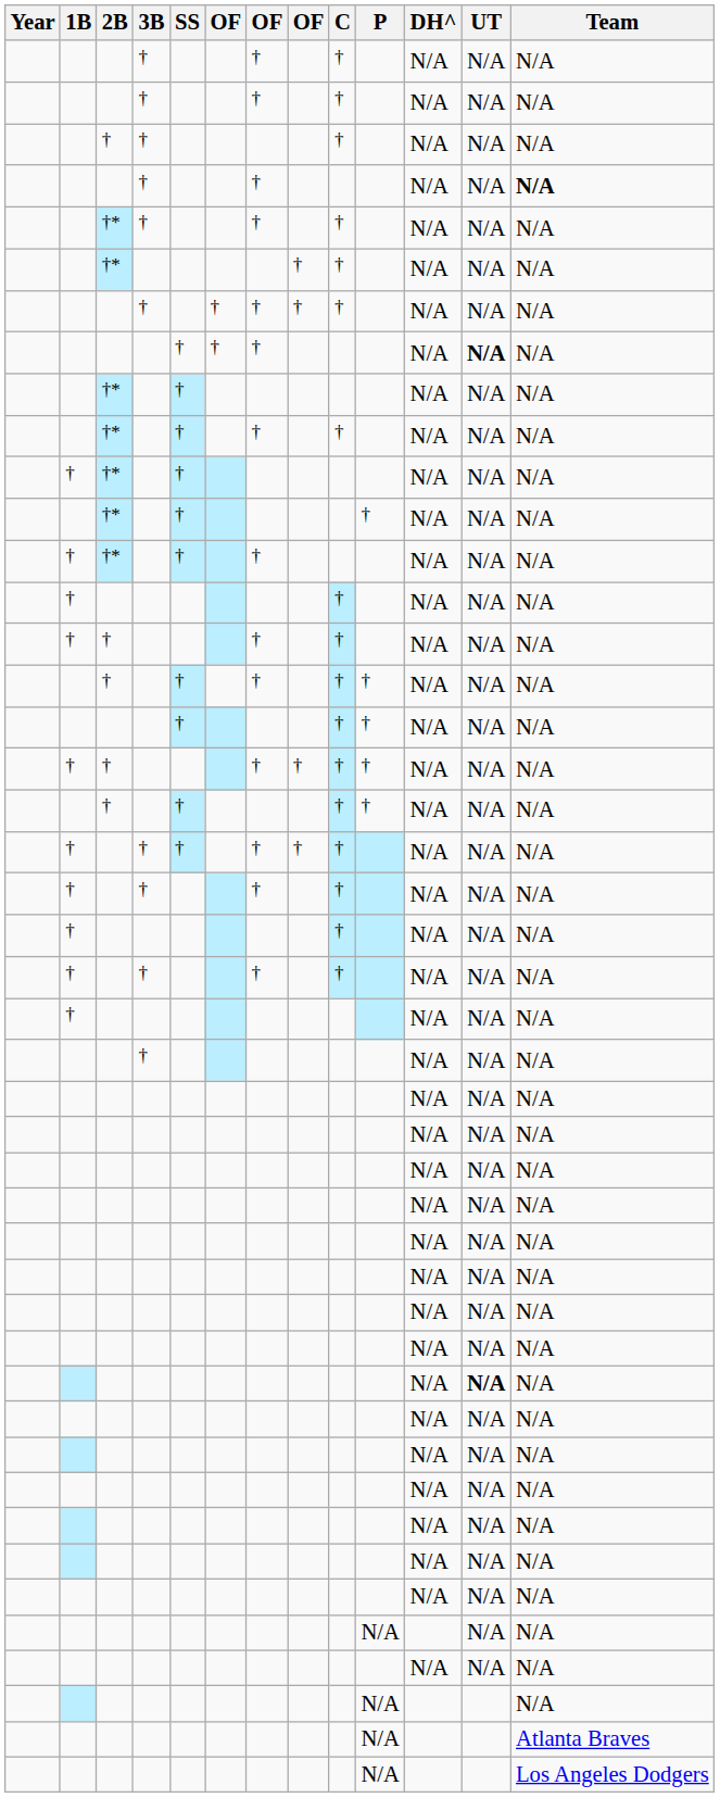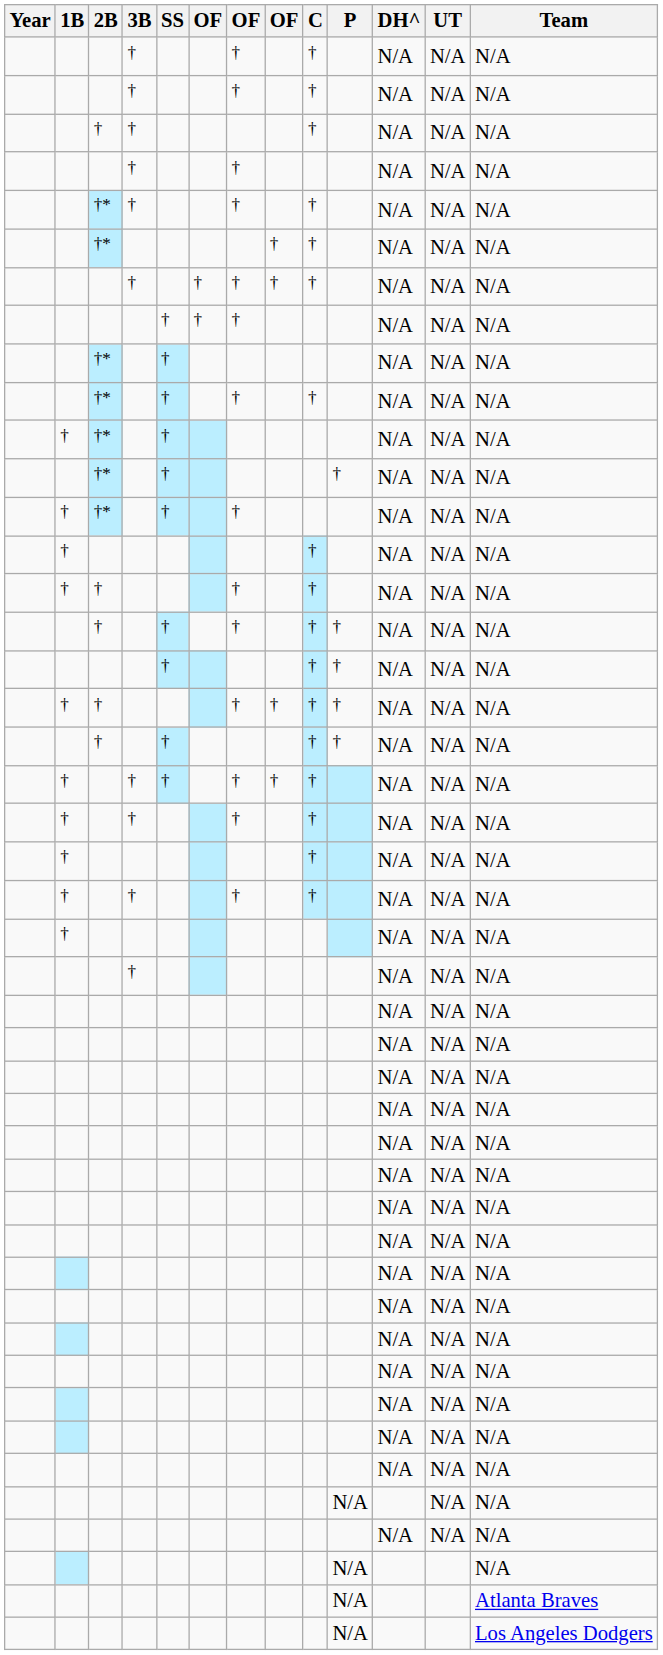 <table class="wikitable sortable">
 <tr>
 <th>Year</th>
 <th>1B</th>
 <th>2B</th>
 <th>3B</th>
 <th>SS</th>
 <th>OF</th>
 <th>OF</th>
 <th>OF</th>
 <th>C</th>
 <th>P</th>
 <th>DH^</th>
 <th>UT</th>
 <th>Team</th>
 </tr>
 <tr>
 <td></td>
 <td></td>
 <td></td>
 <td><sup>†</sup></td>
 <td></td>
 <td></td>
 <td><sup>†</sup></td>
 <td></td>
 <td><sup>†</sup></td>
 <td></td>
 <td>N/A</td>
 <td>N/A</td>
 <td>N/A</td>
 </tr>
 <tr>
 <td></td>
 <td></td>
 <td></td>
 <td><sup>†</sup></td>
 <td></td>
 <td></td>
 <td><sup>†</sup></td>
 <td></td>
 <td><sup>†</sup></td>
 <td></td>
 <td>N/A</td>
 <td>N/A</td>
 <td>N/A</td>
 </tr>
 <tr>
 <td></td>
 <td></td>
 <td><sup>†</sup></td>
 <td><sup>†</sup></td>
 <td></td>
 <td></td>
 <td></td>
 <td></td>
 <td><sup>†</sup></td>
 <td></td>
 <td>N/A</td>
 <td>N/A</td>
 <td>N/A</td>
 </tr>
 <tr>
 <td></td>
 <td></td>
 <td></td>
 <td><sup>†</sup></td>
 <td></td>
 <td></td>
 <td><sup>†</sup></td>
 <td></td>
 <td></td>
 <td></td>
 <td>N/A</td>
 <td>N/A</td>
-<td><strong>N/A</strong></td>
+<td>N/A</td>
 </tr>
 <tr>
 <td></td>
 <td></td>
 <td bgcolor=#bbeeff><sup>†*</sup></td>
 <td><sup>†</sup></td>
 <td></td>
 <td></td>
 <td><sup>†</sup></td>
 <td></td>
 <td><sup>†</sup></td>
 <td></td>
 <td>N/A</td>
 <td>N/A</td>
 <td>N/A</td>
 </tr>
 <tr>
 <td></td>
 <td></td>
 <td bgcolor=#bbeeff><sup>†*</sup></td>
 <td></td>
 <td></td>
 <td></td>
 <td></td>
 <td><sup>†</sup></td>
 <td><sup>†</sup></td>
 <td></td>
 <td>N/A</td>
 <td>N/A</td>
 <td>N/A</td>
 </tr>
 <tr>
 <td></td>
 <td></td>
 <td></td>
 <td><sup>†</sup></td>
 <td></td>
 <td><sup>†</sup></td>
 <td><sup>†</sup></td>
 <td><sup>†</sup></td>
 <td><sup>†</sup></td>
 <td></td>
 <td>N/A</td>
 <td>N/A</td>
 <td>N/A</td>
 </tr>
 <tr>
 <td></td>
 <td></td>
 <td></td>
 <td></td>
 <td><sup>†</sup></td>
 <td><sup>†</sup></td>
 <td><sup>†</sup></td>
 <td></td>
 <td></td>
 <td></td>
 <td>N/A</td>
-<td><strong>N/A</strong></td>
+<td>N/A</td>
 <td>N/A</td>
 </tr>
 <tr>
 <td></td>
 <td></td>
 <td bgcolor=#bbeeff><sup>†*</sup></td>
 <td></td>
 <td bgcolor=#bbeeff><sup>†</sup></td>
 <td></td>
 <td></td>
 <td></td>
 <td></td>
 <td></td>
 <td>N/A</td>
 <td>N/A</td>
 <td>N/A</td>
 </tr>
 <tr>
 <td></td>
 <td></td>
 <td bgcolor=#bbeeff><sup>†*</sup></td>
 <td></td>
 <td bgcolor=#bbeeff><sup>†</sup></td>
 <td></td>
 <td><sup>†</sup></td>
 <td></td>
 <td><sup>†</sup></td>
 <td></td>
 <td>N/A</td>
 <td>N/A</td>
 <td>N/A</td>
 </tr>
 <tr>
 <td></td>
 <td><sup>†</sup></td>
 <td bgcolor=#bbeeff><sup>†*</sup></td>
 <td></td>
 <td bgcolor=#bbeeff><sup>†</sup></td>
 <td bgcolor=#bbeeff></td>
 <td></td>
 <td></td>
 <td></td>
 <td></td>
 <td>N/A</td>
 <td>N/A</td>
 <td>N/A</td>
 </tr>
 <tr>
 <td></td>
 <td></td>
 <td bgcolor=#bbeeff><sup>†*</sup></td>
 <td></td>
 <td bgcolor=#bbeeff><sup>†</sup></td>
 <td bgcolor=#bbeeff></td>
 <td></td>
 <td></td>
 <td></td>
 <td><sup>†</sup></td>
 <td>N/A</td>
 <td>N/A</td>
 <td>N/A</td>
 </tr>
 <tr>
 <td></td>
 <td><sup>†</sup></td>
 <td bgcolor=#bbeeff><sup>†*</sup></td>
 <td></td>
 <td bgcolor=#bbeeff><sup>†</sup></td>
 <td bgcolor=#bbeeff></td>
 <td><sup>†</sup></td>
 <td></td>
 <td></td>
 <td></td>
 <td>N/A</td>
 <td>N/A</td>
 <td>N/A</td>
 </tr>
 <tr>
 <td></td>
 <td><sup>†</sup></td>
 <td></td>
 <td></td>
 <td></td>
 <td bgcolor=#bbeeff></td>
 <td></td>
 <td></td>
 <td bgcolor=#bbeeff><sup>†</sup></td>
 <td></td>
 <td>N/A</td>
 <td>N/A</td>
 <td>N/A</td>
 </tr>
 <tr>
 <td></td>
 <td><sup>†</sup></td>
 <td><sup>†</sup></td>
 <td></td>
 <td></td>
 <td bgcolor=#bbeeff></td>
 <td><sup>†</sup></td>
 <td></td>
 <td bgcolor=#bbeeff><sup>†</sup></td>
 <td></td>
 <td>N/A</td>
 <td>N/A</td>
 <td>N/A</td>
 </tr>
 <tr>
 <td></td>
 <td></td>
 <td><sup>†</sup></td>
 <td></td>
 <td bgcolor=#bbeeff><sup>†</sup></td>
 <td></td>
 <td><sup>†</sup></td>
 <td></td>
 <td bgcolor=#bbeeff><sup>†</sup></td>
 <td><sup>†</sup></td>
 <td>N/A</td>
 <td>N/A</td>
 <td>N/A</td>
 </tr>
 <tr>
 <td></td>
 <td></td>
 <td></td>
 <td></td>
 <td bgcolor=#bbeeff><sup>†</sup></td>
 <td bgcolor=#bbeeff></td>
 <td></td>
 <td></td>
 <td bgcolor=#bbeeff><sup>†</sup></td>
 <td><sup>†</sup></td>
 <td>N/A</td>
 <td>N/A</td>
 <td>N/A</td>
 </tr>
 <tr>
 <td></td>
 <td><sup>†</sup></td>
 <td><sup>†</sup></td>
 <td></td>
 <td></td>
 <td bgcolor=#bbeeff></td>
 <td><sup>†</sup></td>
 <td><sup>†</sup></td>
 <td bgcolor=#bbeeff><sup>†</sup></td>
 <td><sup>†</sup></td>
 <td>N/A</td>
 <td>N/A</td>
 <td>N/A</td>
 </tr>
 <tr>
 <td></td>
 <td></td>
 <td><sup>†</sup></td>
 <td></td>
 <td bgcolor=#bbeeff><sup>†</sup></td>
 <td></td>
 <td></td>
 <td></td>
 <td bgcolor=#bbeeff><sup>†</sup></td>
 <td><sup>†</sup></td>
 <td>N/A</td>
 <td>N/A</td>
 <td>N/A</td>
 </tr>
 <tr>
 <td></td>
 <td><sup>†</sup></td>
 <td></td>
 <td><sup>†</sup></td>
 <td bgcolor=#bbeeff><sup>†</sup></td>
 <td></td>
 <td><sup>†</sup></td>
 <td> <sup>†</sup></td>
 <td bgcolor=#bbeeff><sup>†</sup></td>
 <td bgcolor=#bbeeff></td>
 <td>N/A</td>
 <td>N/A</td>
 <td>N/A</td>
 </tr>
 <tr>
 <td></td>
 <td><sup>†</sup></td>
 <td></td>
 <td><sup>†</sup></td>
 <td></td>
 <td bgcolor=#bbeeff></td>
 <td><sup>†</sup></td>
 <td></td>
 <td bgcolor=#bbeeff><sup>†</sup></td>
 <td bgcolor=#bbeeff></td>
 <td>N/A</td>
 <td>N/A</td>
 <td>N/A</td>
 </tr>
 <tr>
 <td></td>
 <td><sup>†</sup></td>
 <td></td>
 <td></td>
 <td></td>
 <td bgcolor=#bbeeff></td>
 <td></td>
 <td></td>
 <td bgcolor=#bbeeff><sup>†</sup></td>
 <td bgcolor=#bbeeff></td>
 <td>N/A</td>
 <td>N/A</td>
 <td>N/A</td>
 </tr>
 <tr>
 <td></td>
 <td><sup>†</sup></td>
 <td></td>
 <td><sup>†</sup></td>
 <td></td>
 <td bgcolor=#bbeeff></td>
 <td><sup>†</sup></td>
 <td></td>
 <td bgcolor=#bbeeff><sup>†</sup></td>
 <td bgcolor=#bbeeff></td>
 <td>N/A</td>
 <td>N/A</td>
 <td>N/A</td>
 </tr>
 <tr>
 <td></td>
 <td><sup>†</sup></td>
 <td></td>
 <td></td>
 <td></td>
 <td bgcolor=#bbeeff></td>
 <td></td>
 <td></td>
 <td></td>
 <td bgcolor=#bbeeff></td>
 <td>N/A</td>
 <td>N/A</td>
 <td>N/A</td>
 </tr>
 <tr>
 <td></td>
 <td></td>
 <td></td>
 <td><sup>†</sup></td>
 <td></td>
 <td bgcolor=#bbeeff></td>
 <td></td>
 <td></td>
 <td></td>
 <td></td>
 <td>N/A</td>
 <td>N/A</td>
 <td>N/A</td>
 </tr>
 <tr>
 <td></td>
 <td></td>
 <td></td>
 <td></td>
 <td></td>
 <td></td>
 <td></td>
 <td></td>
 <td></td>
 <td></td>
 <td>N/A</td>
 <td>N/A</td>
 <td>N/A</td>
 </tr>
 <tr>
 <td></td>
 <td></td>
 <td></td>
 <td></td>
 <td></td>
 <td></td>
 <td></td>
 <td></td>
 <td></td>
 <td></td>
 <td>N/A</td>
 <td>N/A</td>
 <td>N/A</td>
 </tr>
 <tr>
 <td></td>
 <td></td>
 <td></td>
 <td></td>
 <td></td>
 <td></td>
 <td></td>
 <td></td>
 <td></td>
 <td></td>
 <td>N/A</td>
 <td>N/A</td>
 <td>N/A</td>
 </tr>
 <tr>
 <td></td>
 <td></td>
 <td></td>
 <td></td>
 <td></td>
 <td></td>
 <td></td>
 <td></td>
 <td></td>
 <td></td>
 <td>N/A</td>
 <td>N/A</td>
 <td>N/A</td>
 </tr>
 <tr>
 <td></td>
 <td></td>
 <td></td>
 <td></td>
 <td></td>
 <td></td>
 <td></td>
 <td></td>
 <td></td>
 <td></td>
 <td>N/A</td>
 <td>N/A</td>
 <td>N/A</td>
 </tr>
 <tr>
 <td></td>
 <td></td>
 <td></td>
 <td></td>
 <td></td>
 <td></td>
 <td></td>
 <td></td>
 <td></td>
 <td></td>
 <td>N/A</td>
 <td>N/A</td>
 <td>N/A</td>
 </tr>
 <tr>
 <td></td>
 <td></td>
 <td></td>
 <td></td>
 <td></td>
 <td></td>
 <td></td>
 <td></td>
 <td></td>
 <td></td>
 <td>N/A</td>
 <td>N/A</td>
 <td>N/A</td>
 </tr>
 <tr>
 <td></td>
 <td></td>
 <td></td>
 <td></td>
 <td></td>
 <td></td>
 <td></td>
 <td></td>
 <td></td>
 <td></td>
 <td>N/A</td>
 <td>N/A</td>
 <td>N/A</td>
 </tr>
 <tr>
 <td></td>
 <td bgcolor=#bbeeff></td>
 <td></td>
 <td></td>
 <td></td>
 <td></td>
 <td></td>
 <td></td>
 <td></td>
 <td></td>
 <td>N/A</td>
-<td><strong>N/A</strong></td>
+<td>N/A</td>
 <td>N/A</td>
 </tr>
 <tr>
 <td></td>
 <td></td>
 <td></td>
 <td></td>
 <td></td>
 <td></td>
 <td></td>
 <td></td>
 <td></td>
 <td></td>
 <td>N/A</td>
 <td>N/A</td>
 <td>N/A</td>
 </tr>
 <tr>
 <td></td>
 <td bgcolor=#bbeeff></td>
 <td></td>
 <td></td>
 <td></td>
 <td></td>
 <td></td>
 <td></td>
 <td></td>
 <td></td>
 <td>N/A</td>
 <td>N/A</td>
 <td>N/A</td>
 </tr>
 <tr>
 <td></td>
 <td></td>
 <td></td>
 <td></td>
 <td></td>
 <td></td>
 <td></td>
 <td></td>
 <td></td>
 <td></td>
 <td>N/A</td>
 <td>N/A</td>
 <td>N/A</td>
 </tr>
 <tr>
 <td></td>
 <td bgcolor=#bbeeff></td>
 <td></td>
 <td></td>
 <td></td>
 <td></td>
 <td></td>
 <td></td>
 <td></td>
 <td></td>
 <td>N/A</td>
 <td>N/A</td>
 <td>N/A</td>
 </tr>
 <tr>
 <td></td>
 <td bgcolor=#bbeeff></td>
 <td></td>
 <td></td>
 <td></td>
 <td></td>
 <td></td>
 <td></td>
 <td></td>
 <td></td>
 <td>N/A</td>
 <td>N/A</td>
 <td>N/A</td>
 </tr>
 <tr>
 <td></td>
 <td></td>
 <td></td>
 <td></td>
 <td></td>
 <td></td>
 <td></td>
 <td></td>
 <td></td>
 <td></td>
 <td>N/A</td>
 <td>N/A</td>
 <td>N/A</td>
 </tr>
 <tr>
 <td></td>
 <td></td>
 <td></td>
 <td></td>
 <td></td>
 <td></td>
 <td></td>
 <td></td>
 <td></td>
 <td>N/A</td>
 <td></td>
 <td>N/A</td>
 <td>N/A</td>
 </tr>
 <tr>
 <td></td>
 <td></td>
 <td></td>
 <td></td>
 <td></td>
 <td></td>
 <td></td>
 <td></td>
 <td></td>
 <td></td>
 <td>N/A</td>
 <td>N/A</td>
 <td>N/A</td>
 </tr>
 <tr>
 <td></td>
 <td bgcolor=#bbeeff></td>
 <td></td>
 <td></td>
 <td></td>
 <td></td>
 <td></td>
 <td></td>
 <td></td>
 <td>N/A</td>
 <td></td>
 <td></td>
 <td>N/A</td>
 </tr>
 <tr>
 <td></td>
 <td></td>
 <td></td>
 <td></td>
 <td></td>
 <td></td>
 <td></td>
 <td></td>
 <td></td>
 <td>N/A</td>
 <td></td>
 <td></td>
 <td><a href='#'>Atlanta Braves</a></td>
 </tr>
 <tr>
 <td></td>
 <td></td>
 <td></td>
 <td></td>
 <td></td>
 <td></td>
 <td></td>
 <td></td>
 <td></td>
 <td>N/A</td>
 <td></td>
 <td></td>
 <td><a href='#'>Los Angeles Dodgers</a></td>
 </tr>
 </table>
